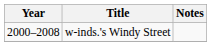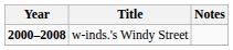 <table class="wikitable sortable">
 <tr>
 <th>Year</th>
 <th>Title</th>
 <th class="unsortable">Notes</th>
 </tr>
 <tr>
-<td>2000–2008</td>
+<td><strong>2000–2008</strong></td>
 <td>w-inds.'s Windy Street</td>
 <td></td>
 </tr>
 <tr>
 </tr>
 </table>
